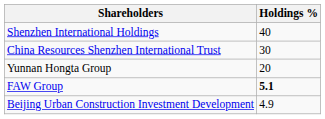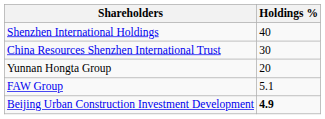 <table class="wikitable">
 <tr>
 <th>Shareholders</th>
 <th>Holdings %</th>
 </tr>
 <tr>
 <td><a href='#'>Shenzhen International Holdings</a></td>
 <td>40</td>
 </tr>
 <tr>
 <td><a href='#'>China Resources Shenzhen International Trust</a></td>
 <td>30</td>
 </tr>
 <tr>
 <td>Yunnan Hongta Group</td>
 <td>20</td>
 </tr>
 <tr>
 <td><a href='#'>FAW Group</a></td>
-<td><strong>5.1</strong></td>
+<td>5.1</td>
 </tr>
 <tr>
 <td><a href='#'>Beijing Urban Construction Investment Development</a></td>
-<td>4.9</td>
+<td><strong>4.9</strong></td>
 </tr>
 </table>
